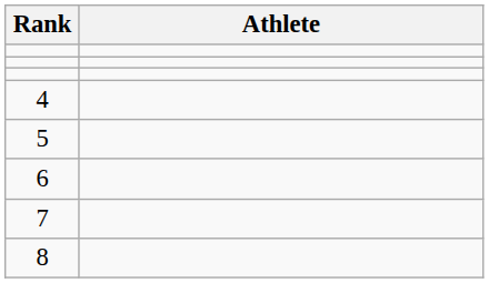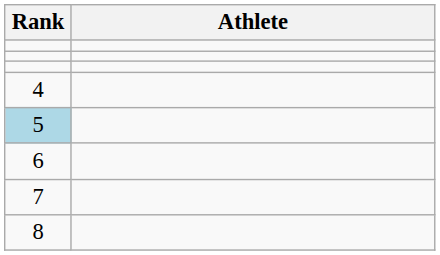 <table class="wikitable" style="text-align: center;">
 <tr>
 <th width=40>Rank</th>
 <th width=250>Athlete</th>
 </tr>
 <tr>
 <td></td>
 <td align=left></td>
 </tr>
 <tr>
 <td></td>
 <td align=left></td>
 </tr>
 <tr>
 <td></td>
 <td align=left></td>
 </tr>
 <tr>
 <td>4</td>
 <td align=left></td>
 </tr>
 <tr>
-<td>5</td>
+<td style="background: lightblue;">5</td>
 <td align=left></td>
 </tr>
 <tr>
 <td>6</td>
 <td align=left></td>
 </tr>
 <tr>
 <td>7</td>
 <td align=left></td>
 </tr>
 <tr>
 <td>8</td>
 <td align=left></td>
 </tr>
 </table>
